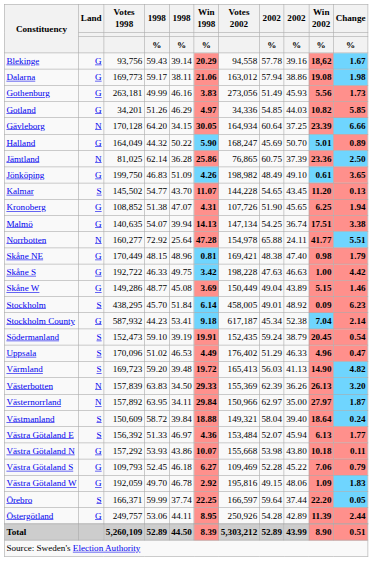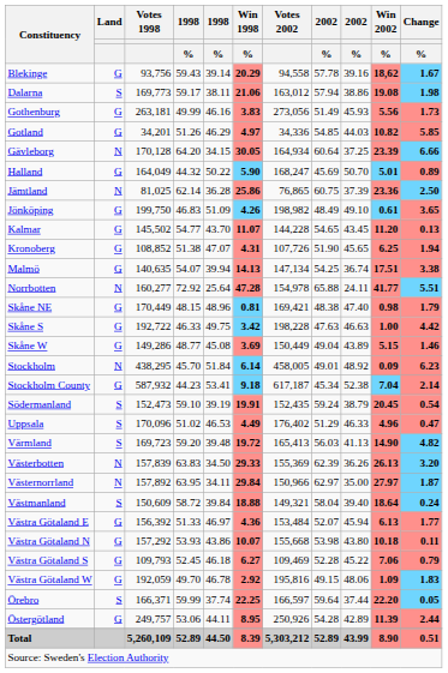 <table class="wikitable sortable" style="text-align:right; font-size:95%; line-height:20px;">
 <tr>
 <th rowspan="3">Constituency</th>
 <th>Land</th>
 <th width="30px" class="unsortable">Votes 1998</th>
 <th> 1998</th>
 <th> 1998</th>
 <th width="30px" class="unsortable">Win 1998</th>
 <th width="30px" class="unsortable">Votes 2002</th>
 <th> 2002</th>
 <th> 2002</th>
 <th width="30px" class="unsortable">Win 2002</th>
 <th width="30px" class="unsortable">Change</th>
 </tr>
 <tr>
 <th></th>
 <th></th>
 <th style="background:"></th>
 <th style="background:"></th>
 <th></th>
 <th></th>
 <th style="background:"></th>
 <th style="background:"></th>
 <th></th>
 <th></th>
 </tr>
 <tr>
 <th data-sort-type="number"></th>
 <th data-sort-type="number"></th>
 <th data-sort-type="number">%</th>
 <th data-sort-type="number">%</th>
 <th data-sort-type="number">%</th>
 <th data-sort-type="number"></th>
 <th data-sort-type="number">%</th>
 <th data-sort-type="number">%</th>
 <th data-sort-type="number">%</th>
 <th data-sort-type="number">%</th>
 </tr>
 <tr>
 <td align="left"><a href='#'>Blekinge</a></td>
 <td><a href='#'>G</a></td>
 <td>93,756</td>
 <td>59.43</td>
 <td>39.14</td>
 <td bgcolor=#ff908c><strong>20.29</strong></td>
 <td>94,558</td>
 <td>57.78</td>
 <td>39.16</td>
 <td bgcolor=#ff908c><strong>18,62</strong></td>
 <td bgcolor=#6fd5fe><strong>1.67</strong></td>
 </tr>
 <tr>
 <td align="left"><a href='#'>Dalarna</a></td>
-<td><a href='#'>G</a></td>
+<td><a href='#'>S</a></td>
 <td>169,773</td>
 <td>59.17</td>
 <td>38.11</td>
 <td bgcolor=#ff908c><strong>21.06</strong></td>
 <td>163,012</td>
 <td>57.94</td>
 <td>38.86</td>
 <td bgcolor=#ff908c><strong>19.08</strong></td>
 <td bgcolor=#6fd5fe><strong>1.98</strong></td>
 </tr>
 <tr>
 <td align="left"><a href='#'>Gothenburg</a></td>
 <td><a href='#'>G</a></td>
 <td>263,181</td>
 <td>49.99</td>
 <td>46.16</td>
 <td bgcolor=#ff908c><strong>3.83</strong></td>
 <td>273,056</td>
 <td>51.49</td>
 <td>45.93</td>
 <td bgcolor=#ff908c><strong>5.56</strong></td>
 <td bgcolor=#ff908c><strong>1.73</strong></td>
 </tr>
 <tr>
 <td align="left"><a href='#'>Gotland</a></td>
 <td><a href='#'>G</a></td>
 <td>34,201</td>
 <td>51.26</td>
 <td>46.29</td>
 <td bgcolor=#ff908c><strong>4.97</strong></td>
 <td>34,336</td>
 <td>54.85</td>
 <td>44.03</td>
 <td bgcolor=#ff908c><strong>10.82</strong></td>
 <td bgcolor=#ff908c><strong>5.85</strong></td>
 </tr>
 <tr>
 <td align="left"><a href='#'>Gävleborg</a></td>
 <td><a href='#'>N</a></td>
 <td>170,128</td>
 <td>64.20</td>
 <td>34.15</td>
 <td bgcolor=#ff908c><strong>30.05</strong></td>
 <td>164,934</td>
 <td>60.64</td>
 <td>37.25</td>
 <td bgcolor=#ff908c><strong>23.39</strong></td>
 <td bgcolor=#6fd5fe><strong>6.66</strong></td>
 </tr>
 <tr>
 <td align="left"><a href='#'>Halland</a></td>
 <td><a href='#'>G</a></td>
 <td>164,049</td>
 <td>44.32</td>
 <td>50.22</td>
 <td bgcolor=#6fd5fe><strong>5.90</strong></td>
 <td>168,247</td>
 <td>45.69</td>
 <td>50.70</td>
 <td bgcolor=#6fd5fe><strong>5.01</strong></td>
 <td bgcolor=#ff908c><strong>0.89</strong></td>
 </tr>
 <tr>
 <td align="left"><a href='#'>Jämtland</a></td>
 <td><a href='#'>N</a></td>
 <td>81,025</td>
 <td>62.14</td>
 <td>36.28</td>
 <td bgcolor=#ff908c><strong>25.86</strong></td>
 <td>76,865</td>
 <td>60.75</td>
 <td>37.39</td>
 <td bgcolor=#ff908c><strong>23.36</strong></td>
 <td bgcolor=#6fd5fe><strong>2.50</strong></td>
 </tr>
 <tr>
 <td align="left"><a href='#'>Jönköping</a></td>
 <td><a href='#'>G</a></td>
 <td>199,750</td>
 <td>46.83</td>
 <td>51.09</td>
 <td bgcolor=#6fd5fe><strong>4.26</strong></td>
 <td>198,982</td>
 <td>48.49</td>
 <td>49.10</td>
 <td bgcolor=#6fd5fe><strong>0.61</strong></td>
 <td bgcolor=#ff908c><strong>3.65</strong></td>
 </tr>
 <tr>
 <td align="left"><a href='#'>Kalmar</a></td>
-<td><a href='#'>S</a></td>
+<td><a href='#'>G</a></td>
 <td>145,502</td>
 <td>54.77</td>
 <td>43.70</td>
 <td bgcolor=#ff908c><strong>11.07</strong></td>
 <td>144,228</td>
 <td>54.65</td>
 <td>43.45</td>
 <td bgcolor=#ff908c><strong>11.20</strong></td>
 <td bgcolor=#ff908c><strong>0.13</strong></td>
 </tr>
 <tr>
 <td align="left"><a href='#'>Kronoberg</a></td>
 <td><a href='#'>G</a></td>
 <td>108,852</td>
 <td>51.38</td>
 <td>47.07</td>
 <td bgcolor=#ff908c><strong>4.31</strong></td>
 <td>107,726</td>
 <td>51.90</td>
 <td>45.65</td>
 <td bgcolor=#ff908c><strong>6.25</strong></td>
 <td bgcolor=#ff908c><strong>1.94</strong></td>
 </tr>
 <tr>
 <td align="left"><a href='#'>Malmö</a></td>
 <td><a href='#'>G</a></td>
 <td>140,635</td>
 <td>54.07</td>
 <td>39.94</td>
 <td bgcolor=#ff908c><strong>14.13</strong></td>
 <td>147,134</td>
 <td>54.25</td>
 <td>36.74</td>
 <td bgcolor=#ff908c><strong>17.51</strong></td>
 <td bgcolor=#ff908c><strong>3.38</strong></td>
 </tr>
 <tr>
 <td align="left"><a href='#'>Norrbotten</a></td>
 <td><a href='#'>N</a></td>
 <td>160,277</td>
 <td>72.92</td>
 <td>25.64</td>
 <td bgcolor=#ff908c><strong>47.28</strong></td>
 <td>154,978</td>
 <td>65.88</td>
 <td>24.11</td>
 <td bgcolor=#ff908c><strong>41.77</strong></td>
 <td bgcolor=#6fd5fe><strong>5.51</strong></td>
 </tr>
 <tr>
 <td align="left"><a href='#'>Skåne NE</a></td>
 <td><a href='#'>G</a></td>
 <td>170,449</td>
 <td>48.15</td>
 <td>48.96</td>
 <td bgcolor=#6fd5fe><strong>0.81</strong></td>
 <td>169,421</td>
 <td>48.38</td>
 <td>47.40</td>
 <td bgcolor=#ff908c><strong>0.98</strong></td>
 <td bgcolor=#ff908c><strong>1.79</strong></td>
 </tr>
 <tr>
 <td align="left"><a href='#'>Skåne S</a></td>
 <td><a href='#'>G</a></td>
 <td>192,722</td>
 <td>46.33</td>
 <td>49.75</td>
 <td bgcolor=#6fd5fe><strong>3.42</strong></td>
 <td>198,228</td>
 <td>47.63</td>
 <td>46.63</td>
 <td bgcolor=#ff908c><strong>1.00</strong></td>
 <td bgcolor=#ff908c><strong>4.42</strong></td>
 </tr>
 <tr>
 <td align="left"><a href='#'>Skåne W</a></td>
 <td><a href='#'>G</a></td>
 <td>149,286</td>
 <td>48.77</td>
 <td>45.08</td>
 <td bgcolor=#ff908c><strong>3.69</strong></td>
 <td>150,449</td>
 <td>49.04</td>
 <td>43.89</td>
 <td bgcolor=#ff908c><strong>5.15</strong></td>
 <td bgcolor=#ff908c><strong>1.46</strong></td>
 </tr>
 <tr>
 <td align="left"><a href='#'>Stockholm</a></td>
-<td><a href='#'>S</a></td>
+<td><a href='#'>N</a></td>
 <td>438,295</td>
 <td>45.70</td>
 <td>51.84</td>
 <td bgcolor=#6fd5fe><strong>6.14</strong></td>
 <td>458,005</td>
 <td>49.01</td>
 <td>48.92</td>
 <td bgcolor=#ff908c><strong>0.09</strong></td>
 <td bgcolor=#ff908c><strong>6.23</strong></td>
 </tr>
 <tr>
 <td align="left"><a href='#'>Stockholm County</a></td>
 <td><a href='#'>G</a></td>
 <td>587,932</td>
 <td>44.23</td>
 <td>53.41</td>
 <td bgcolor=#6fd5fe><strong>9.18</strong></td>
 <td>617,187</td>
 <td>45.34</td>
 <td>52.38</td>
 <td bgcolor=#6fd5fe><strong>7.04</strong></td>
 <td bgcolor=#ff908c><strong>2.14</strong></td>
 </tr>
 <tr>
 <td align="left"><a href='#'>Södermanland</a></td>
 <td><a href='#'>S</a></td>
 <td>152,473</td>
 <td>59.10</td>
 <td>39.19</td>
 <td bgcolor=#ff908c><strong>19.91</strong></td>
 <td>152,435</td>
 <td>59.24</td>
 <td>38.79</td>
 <td bgcolor=#ff908c><strong>20.45</strong></td>
 <td bgcolor=#ff908c><strong>0.54</strong></td>
 </tr>
 <tr>
 <td align="left"><a href='#'>Uppsala</a></td>
 <td><a href='#'>S</a></td>
 <td>170,096</td>
 <td>51.02</td>
 <td>46.53</td>
 <td bgcolor=#ff908c><strong>4.49</strong></td>
 <td>176,402</td>
 <td>51.29</td>
 <td>46.33</td>
 <td bgcolor=#ff908c><strong>4.96</strong></td>
 <td bgcolor=#ff908c><strong>0.47</strong></td>
 </tr>
 <tr>
 <td align="left"><a href='#'>Värmland</a></td>
 <td><a href='#'>S</a></td>
 <td>169,723</td>
 <td>59.20</td>
 <td>39.48</td>
 <td bgcolor=#ff908c><strong>19.72</strong></td>
 <td>165,413</td>
 <td>56.03</td>
 <td>41.13</td>
 <td bgcolor=#ff908c><strong>14.90</strong></td>
 <td bgcolor=#6fd5fe><strong>4.82</strong></td>
 </tr>
 <tr>
 <td align="left"><a href='#'>Västerbotten</a></td>
 <td><a href='#'>N</a></td>
 <td>157,839</td>
 <td>63.83</td>
 <td>34.50</td>
 <td bgcolor=#ff908c><strong>29.33</strong></td>
 <td>155,369</td>
 <td>62.39</td>
 <td>36.26</td>
 <td bgcolor=#ff908c><strong>26.13</strong></td>
 <td bgcolor=#6fd5fe><strong>3.20</strong></td>
 </tr>
 <tr>
 <td align="left"><a href='#'>Västernorrland</a></td>
 <td><a href='#'>N</a></td>
 <td>157,892</td>
 <td>63.95</td>
 <td>34.11</td>
 <td bgcolor=#ff908c><strong>29.84</strong></td>
 <td>150,966</td>
 <td>62.97</td>
 <td>35.00</td>
 <td bgcolor=#ff908c><strong>27.97</strong></td>
 <td bgcolor=#6fd5fe><strong>1.87</strong></td>
 </tr>
 <tr>
 <td align="left"><a href='#'>Västmanland</a></td>
 <td><a href='#'>S</a></td>
 <td>150,609</td>
 <td>58.72</td>
 <td>39.84</td>
 <td bgcolor=#ff908c><strong>18.88</strong></td>
 <td>149,321</td>
 <td>58.04</td>
 <td>39.40</td>
 <td bgcolor=#ff908c><strong>18.64</strong></td>
 <td bgcolor=#6fd5fe><strong>0.24</strong></td>
 </tr>
 <tr>
 <td align="left"><a href='#'>Västra Götaland E</a></td>
-<td><a href='#'>S</a></td>
+<td><a href='#'>G</a></td>
 <td>156,392</td>
 <td>51.33</td>
 <td>46.97</td>
 <td bgcolor=#ff908c><strong>4.36</strong></td>
 <td>153,484</td>
 <td>52.07</td>
 <td>45.94</td>
 <td bgcolor=#ff908c><strong>6.13</strong></td>
 <td bgcolor=#ff908c><strong>1.77</strong></td>
 </tr>
 <tr>
 <td align="left"><a href='#'>Västra Götaland N</a></td>
 <td><a href='#'>G</a></td>
 <td>157,292</td>
 <td>53.93</td>
 <td>43.86</td>
 <td bgcolor=#ff908c><strong>10.07</strong></td>
 <td>155,668</td>
 <td>53.98</td>
 <td>43.80</td>
 <td bgcolor=#ff908c><strong>10.18</strong></td>
 <td bgcolor=#ff908c><strong>0.11</strong></td>
 </tr>
 <tr>
 <td align="left"><a href='#'>Västra Götaland S</a></td>
 <td><a href='#'>G</a></td>
 <td>109,793</td>
 <td>52.45</td>
 <td>46.18</td>
 <td bgcolor=#ff908c><strong>6.27</strong></td>
 <td>109,469</td>
 <td>52.28</td>
 <td>45.22</td>
 <td bgcolor=#ff908c><strong>7.06</strong></td>
 <td bgcolor=#ff908c><strong>0.79</strong></td>
 </tr>
 <tr>
 <td align="left"><a href='#'>Västra Götaland W</a></td>
 <td><a href='#'>G</a></td>
 <td>192,059</td>
 <td>49.70</td>
 <td>46.78</td>
 <td bgcolor=#ff908c><strong>2.92</strong></td>
 <td>195,816</td>
 <td>49.15</td>
 <td>48.06</td>
 <td bgcolor=#ff908c><strong>1.09</strong></td>
 <td bgcolor=#6fd5fe><strong>1.83</strong></td>
 </tr>
 <tr>
 <td align="left"><a href='#'>Örebro</a></td>
 <td><a href='#'>S</a></td>
 <td>166,371</td>
 <td>59.99</td>
 <td>37.74</td>
 <td bgcolor=#ff908c><strong>22.25</strong></td>
 <td>166,597</td>
 <td>59.64</td>
 <td>37.44</td>
 <td bgcolor=#ff908c><strong>22.20</strong></td>
 <td bgcolor=#6fd5fe><strong>0.05</strong></td>
 </tr>
 <tr>
 <td align="left"><a href='#'>Östergötland</a></td>
 <td><a href='#'>G</a></td>
 <td>249,757</td>
 <td>53.06</td>
 <td>44.11</td>
 <td bgcolor=#ff908c><strong>8.95</strong></td>
 <td>250,926</td>
 <td>54.28</td>
 <td>42.89</td>
 <td bgcolor=#ff908c><strong>11.39</strong></td>
 <td bgcolor=#ff908c><strong>2.44</strong></td>
 </tr>
 <tr>
 </tr>
 <tr style="background:#CDCDCD;">
 <td align="left"><strong>Total</strong></td>
 <td></td>
 <td><strong>5,260,109</strong></td>
 <td><strong>52.89</strong></td>
 <td><strong>44.50</strong></td>
 <td bgcolor=#ff908c><strong>8.39</strong></td>
 <td><strong>5,303,212</strong></td>
 <td><strong>52.89</strong></td>
 <td><strong>43.99</strong></td>
 <td bgcolor=#ff908c><strong>8.90</strong></td>
 <td bgcolor=#ff908c><strong>0.51</strong></td>
 </tr>
 <tr>
 <td colspan="11" align="left">Source: Sweden's <a href='#'>Election Authority</a></td>
 </tr>
 </table>
